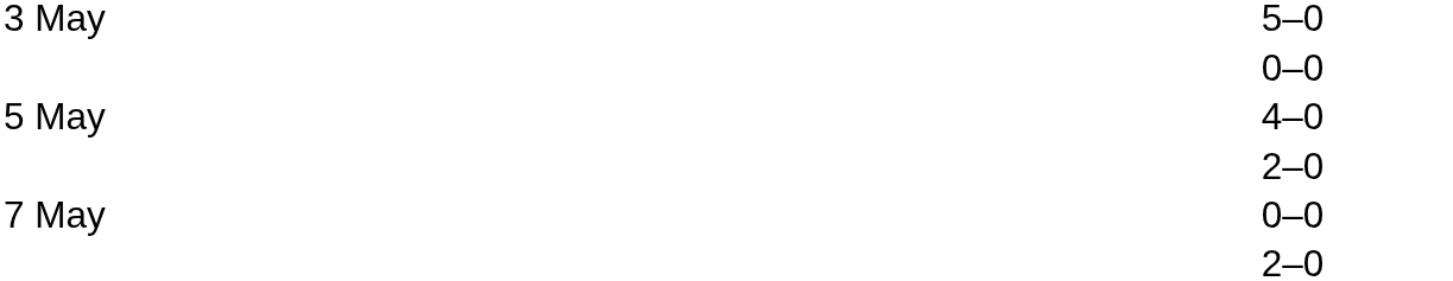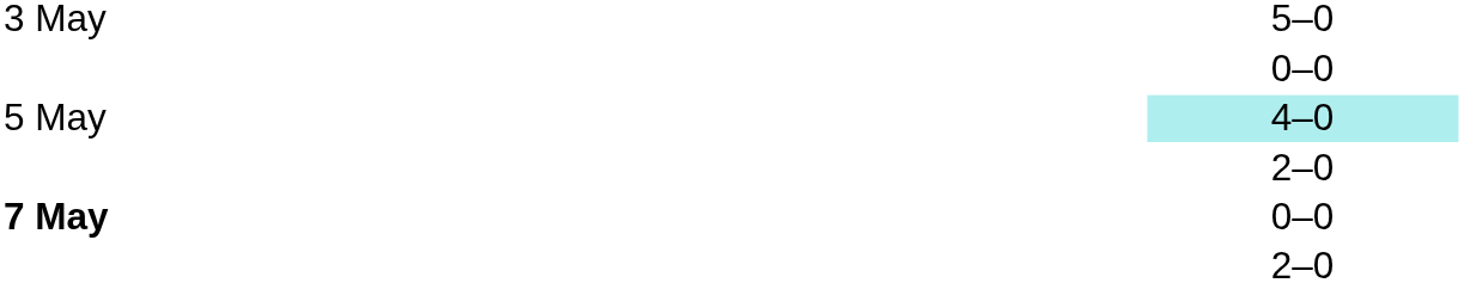 <table cellspacing=1 width=70%>
 <tr>
 <th width=25%></th>
 <th width=30%></th>
 <th width=15%></th>
 <th width=30%></th>
 </tr>
 <tr>
 <td>3 May</td>
 <td align=right></td>
 <td align=center>5–0</td>
 <td></td>
 </tr>
 <tr>
 <td></td>
 <td align=right></td>
 <td align=center>0–0</td>
 <td></td>
 </tr>
 <tr>
 <td>5 May</td>
 <td align=right></td>
-<td align=center>4–0</td>
+<td align=center style="background: paleturquoise;">4–0</td>
 <td></td>
 </tr>
 <tr>
 <td></td>
 <td align=right></td>
 <td align=center>2–0</td>
 <td></td>
 </tr>
 <tr>
-<td>7 May</td>
+<td><strong>7 May</strong></td>
 <td align=right></td>
 <td align=center>0–0</td>
 <td></td>
 </tr>
 <tr>
 <td></td>
 <td align=right></td>
 <td align=center>2–0</td>
 <td></td>
 </tr>
 </table>
